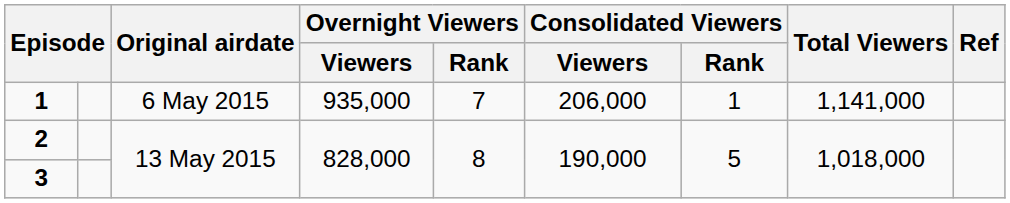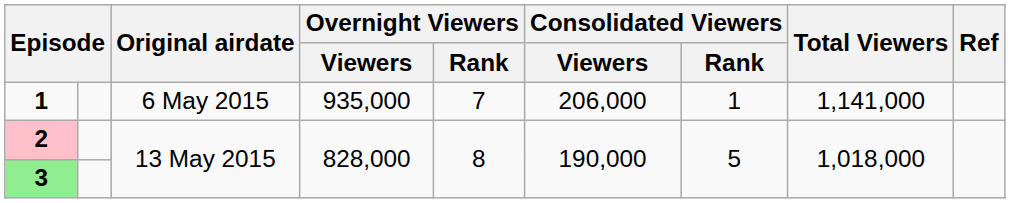 <table class="wikitable" style="text-align:center;">
 <tr>
 <th rowspan=2 colspan="2">Episode</th>
 <th rowspan=2>Original airdate</th>
 <th colspan=2>Overnight Viewers</th>
 <th colspan=2>Consolidated Viewers</th>
 <th rowspan=2>Total Viewers</th>
 <th rowspan=2>Ref</th>
 </tr>
 <tr>
 <th>Viewers</th>
 <th>Rank</th>
 <th>Viewers</th>
 <th>Rank</th>
 </tr>
 <tr>
 <td><strong>1</strong></td>
 <td></td>
 <td>6 May 2015</td>
 <td>935,000</td>
 <td>7</td>
 <td>206,000</td>
 <td>1</td>
 <td>1,141,000</td>
 <td></td>
 </tr>
 <tr>
-<td><strong>2</strong></td>
+<td style="background: pink;"><strong>2</strong></td>
 <td></td>
 <td rowspan="2">13 May 2015</td>
 <td rowspan="2">828,000</td>
 <td rowspan="2">8</td>
 <td rowspan="2">190,000</td>
 <td rowspan="2">5</td>
 <td rowspan="2">1,018,000</td>
 <td rowspan="2"></td>
 </tr>
 <tr>
-<td><strong>3</strong></td>
+<td style="background: lightgreen;"><strong>3</strong></td>
 <td></td>
 </tr>
 </table>
